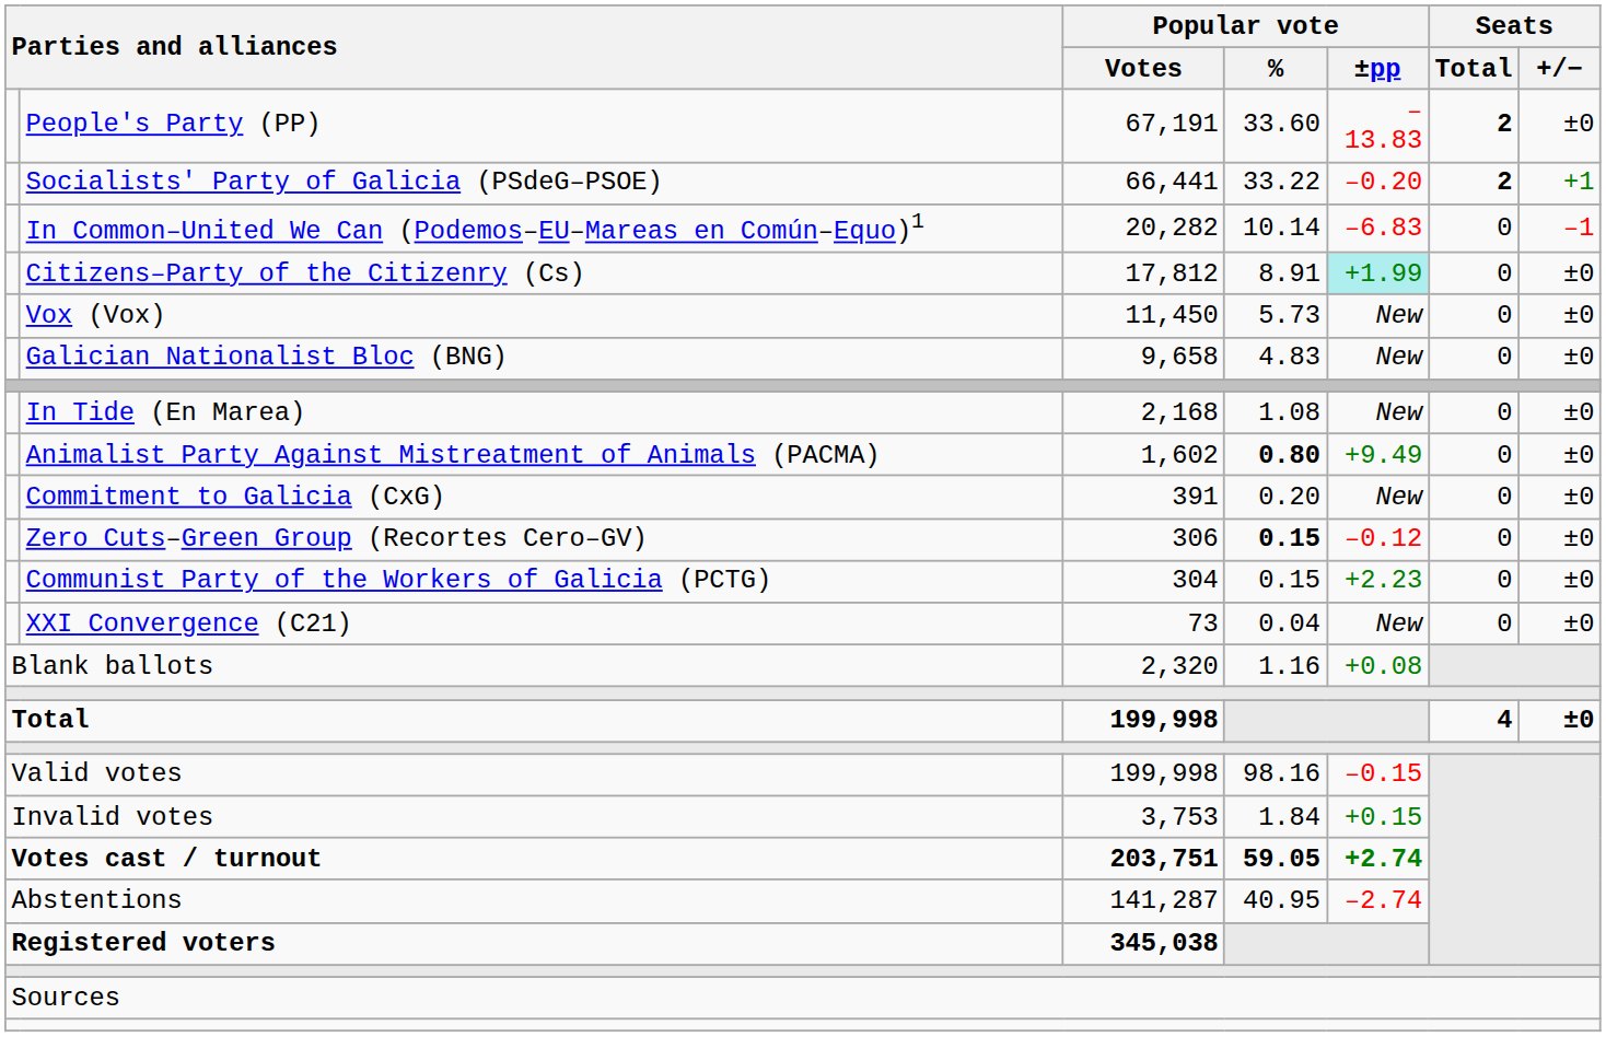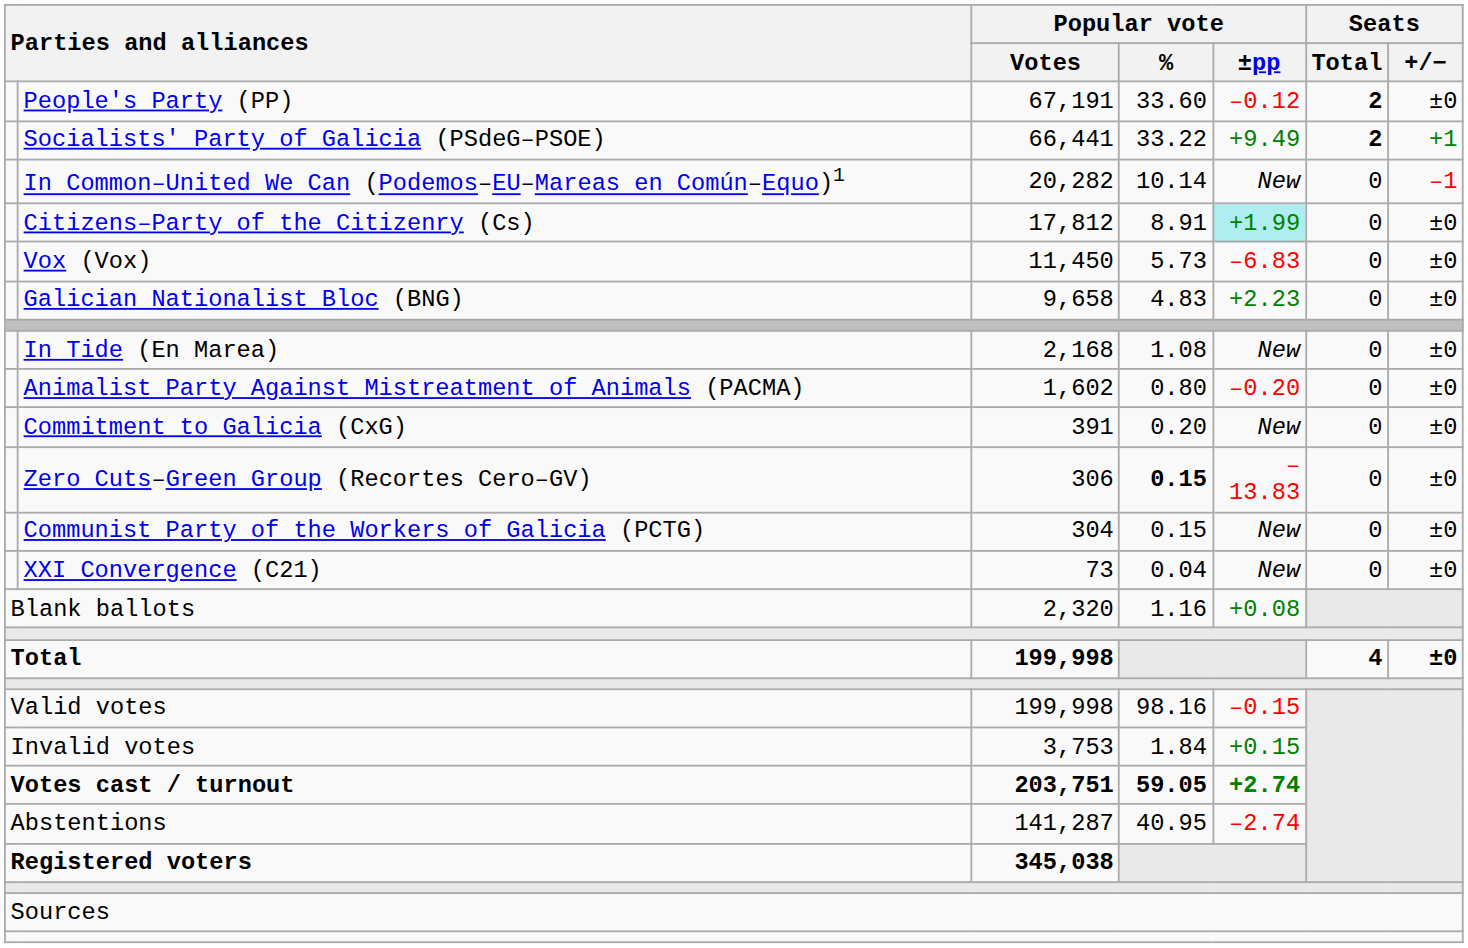 <table class="wikitable" style="text-align:right;">
 <tr>
 <th style="text-align:left;" rowspan="2" colspan="2" width="525">Parties and alliances</th>
 <th colspan="3">Popular vote</th>
 <th colspan="2">Seats</th>
 </tr>
 <tr>
 <th width="75">Votes</th>
 <th width="45">%</th>
 <th width="45">±<a href='#'>pp</a></th>
 <th width="35">Total</th>
 <th width="35">+/−</th>
 </tr>
 <tr>
 <td width="1" style="color:inherit;background:"></td>
 <td align="left"><a href='#'>People's Party</a> (PP)</td>
 <td>67,191</td>
 <td>33.60</td>
-<td style="color:red;">–13.83</td>
+<td style="color:red;">–0.12</td>
 <td><strong>2</strong></td>
 <td>±0</td>
 </tr>
 <tr>
 <td style="color:inherit;background:"></td>
 <td align="left"><a href='#'>Socialists' Party of Galicia</a> (PSdeG–PSOE)</td>
 <td>66,441</td>
 <td>33.22</td>
-<td style="color:red;">–0.20</td>
+<td style="color:green;">+9.49</td>
 <td><strong>2</strong></td>
 <td style="color:green;">+1</td>
 </tr>
 <tr>
 <td style="color:inherit;background:"></td>
 <td align="left"><a href='#'>In Common–United We Can</a> (<a href='#'>Podemos</a>–<a href='#'>EU</a>–<a href='#'>Mareas en Común</a>–<a href='#'>Equo</a>)<sup>1</sup></td>
 <td>20,282</td>
 <td>10.14</td>
-<td style="color:red;">–6.83</td>
+<td><em>New</em></td>
 <td>0</td>
 <td style="color:red;">–1</td>
 </tr>
 <tr>
 <td style="color:inherit;background:"></td>
 <td align="left"><a href='#'>Citizens–Party of the Citizenry</a> (Cs)</td>
 <td>17,812</td>
 <td>8.91</td>
 <td style="background: paleturquoise; color:green;">+1.99</td>
 <td>0</td>
 <td>±0</td>
 </tr>
 <tr>
 <td style="color:inherit;background:"></td>
 <td align="left"><a href='#'>Vox</a> (Vox)</td>
 <td>11,450</td>
 <td>5.73</td>
-<td><em>New</em></td>
+<td style="color:red;">–6.83</td>
 <td>0</td>
 <td>±0</td>
 </tr>
 <tr>
 <td style="color:inherit;background:"></td>
 <td align="left"><a href='#'>Galician Nationalist Bloc</a> (BNG)</td>
 <td>9,658</td>
 <td>4.83</td>
-<td><em>New</em></td>
+<td style="color:green;">+2.23</td>
 <td>0</td>
 <td>±0</td>
 </tr>
 <tr>
 <td colspan="7" bgcolor="#C0C0C0"></td>
 </tr>
 <tr>
 <td style="color:inherit;background:"></td>
 <td align="left"><a href='#'>In Tide</a> (En Marea)</td>
 <td>2,168</td>
 <td>1.08</td>
 <td><em>New</em></td>
 <td>0</td>
 <td>±0</td>
 </tr>
 <tr>
 <td style="color:inherit;background:"></td>
 <td align="left"><a href='#'>Animalist Party Against Mistreatment of Animals</a> (PACMA)</td>
 <td>1,602</td>
-<td><strong>0.80</strong></td>
-<td style="color:green;">+9.49</td>
+<td>0.80</td>
+<td style="color:red;">–0.20</td>
 <td>0</td>
 <td>±0</td>
 </tr>
 <tr>
 <td style="color:inherit;background:"></td>
 <td align="left"><a href='#'>Commitment to Galicia</a> (CxG)</td>
 <td>391</td>
 <td>0.20</td>
 <td><em>New</em></td>
 <td>0</td>
 <td>±0</td>
 </tr>
 <tr>
 <td style="color:inherit;background:"></td>
 <td align="left"><a href='#'>Zero Cuts</a>–<a href='#'>Green Group</a> (Recortes Cero–GV)</td>
 <td>306</td>
 <td><strong>0.15</strong></td>
-<td style="color:red;">–0.12</td>
+<td style="color:red;">–13.83</td>
 <td>0</td>
 <td>±0</td>
 </tr>
 <tr>
 <td style="color:inherit;background:"></td>
 <td align="left"><a href='#'>Communist Party of the Workers of Galicia</a> (PCTG)</td>
 <td>304</td>
 <td>0.15</td>
-<td style="color:green;">+2.23</td>
+<td><em>New</em></td>
 <td>0</td>
 <td>±0</td>
 </tr>
 <tr>
 <td style="color:inherit;background:"></td>
 <td align="left"><a href='#'>XXI Convergence</a> (C21)</td>
 <td>73</td>
 <td>0.04</td>
 <td><em>New</em></td>
 <td>0</td>
 <td>±0</td>
 </tr>
 <tr>
 <td align="left" colspan="2">Blank ballots</td>
 <td>2,320</td>
 <td>1.16</td>
 <td style="color:green;">+0.08</td>
 <td bgcolor="#E9E9E9" colspan="2"></td>
 </tr>
 <tr>
 <td colspan="7" bgcolor="#E9E9E9"></td>
 </tr>
 <tr style="font-weight:bold;">
 <td align="left" colspan="2">Total</td>
 <td>199,998</td>
 <td bgcolor="#E9E9E9" colspan="2"></td>
 <td>4</td>
 <td>±0</td>
 </tr>
 <tr>
 <td colspan="7" bgcolor="#E9E9E9"></td>
 </tr>
 <tr>
 <td align="left" colspan="2">Valid votes</td>
 <td>199,998</td>
 <td>98.16</td>
 <td style="color:red;">–0.15</td>
 <td bgcolor="#E9E9E9" colspan="2" rowspan="5"></td>
 </tr>
 <tr>
 <td align="left" colspan="2">Invalid votes</td>
 <td>3,753</td>
 <td>1.84</td>
 <td style="color:green;">+0.15</td>
 </tr>
 <tr style="font-weight:bold;">
 <td align="left" colspan="2">Votes cast / turnout</td>
 <td>203,751</td>
 <td>59.05</td>
 <td style="color:green;">+2.74</td>
 </tr>
 <tr>
 <td align="left" colspan="2">Abstentions</td>
 <td>141,287</td>
 <td>40.95</td>
 <td style="color:red;">–2.74</td>
 </tr>
 <tr style="font-weight:bold;">
 <td align="left" colspan="2">Registered voters</td>
 <td>345,038</td>
 <td bgcolor="#E9E9E9" colspan="2"></td>
 </tr>
 <tr>
 <td colspan="7" bgcolor="#E9E9E9"></td>
 </tr>
 <tr>
 <td align="left" colspan="7">Sources</td>
 </tr>
 <tr>
 <td colspan="7" style="text-align:left; max-width:790px;"></td>
 </tr>
 </table>
